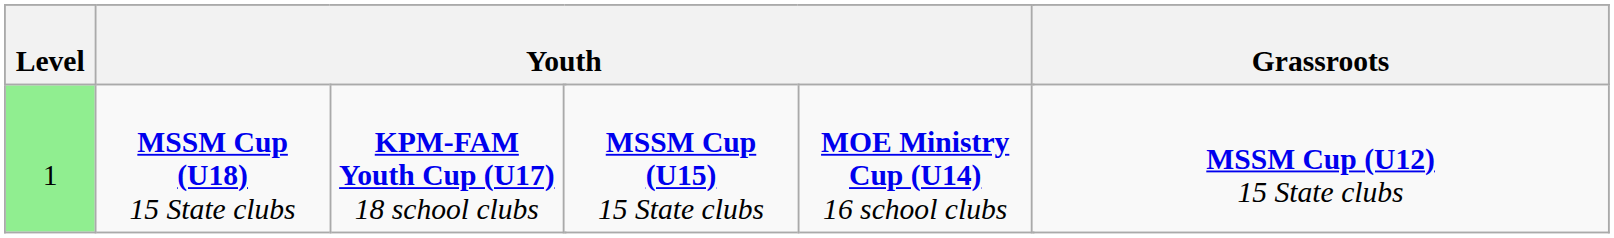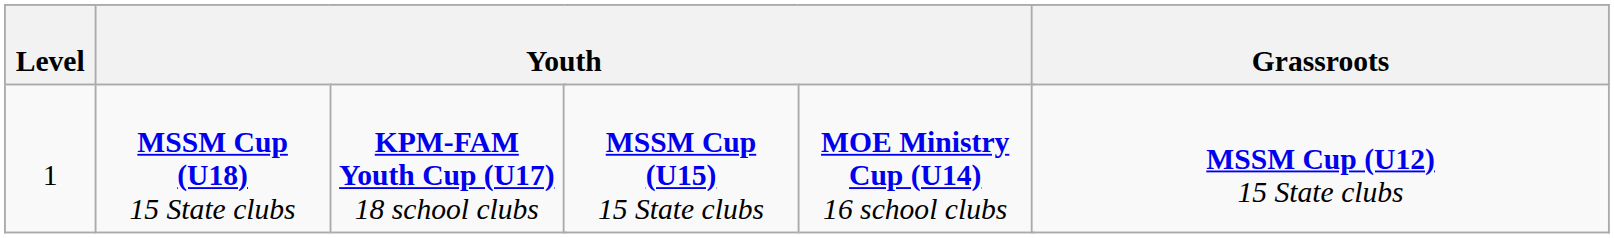 <table class="wikitable" style="text-align: center;">
 <tr>
 <th rowspan-"1" colspan="1" width="4%"><br>Level</th>
 <th rowspan="1" colspan="24" width="64%"><br>Youth</th>
 <th rowspan="1" colspan="6" width="32%"><br>Grassroots</th>
 </tr>
 <tr>
-<td colspan="1" width="4%" style="background: lightgreen;"><br>1</td>
+<td colspan="1" width="4%"><br>1</td>
 <td colspan="6" width="13%"><br><strong><a href='#'>MSSM Cup (U18)</a></strong><br> <em>15 State clubs</em></td>
 <td colspan="6" width="13%"><br><strong><a href='#'>KPM-FAM Youth Cup (U17)</a></strong><br> <em>18 school clubs</em></td>
 <td colspan="6" width="13%"><br><strong><a href='#'>MSSM Cup (U15)</a></strong><br> <em>15 State  clubs</em></td>
 <td colspan="6" width="13%"><br><strong><a href='#'>MOE Ministry Cup (U14)</a></strong><br> <em>16 school clubs</em></td>
 <td colspan="6" width="13%"><br><strong><a href='#'>MSSM Cup (U12)</a></strong><br> <em>15 State clubs</em></td>
 </tr>
 </table>
